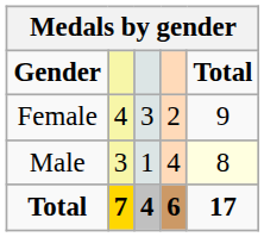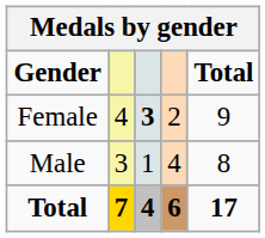 <table class="wikitable" style="font-size:85%; float:right">
 <tr style="background:#efefef;">
 <th colspan=5>Medals by gender</th>
 </tr>
 <tr align=center>
 <td><strong>Gender</strong></td>
 <td style="background:#f7f6a8;"></td>
 <td style="background:#dce5e5;"></td>
 <td style="background:#ffdab9;"></td>
 <td><strong>Total</strong></td>
 </tr>
 <tr align=center>
 <td>Female</td>
 <td style="background:#F7F6A8;">4</td>
-<td style="background:#DCE5E5;">3</td>
+<td style="background:#DCE5E5;"><strong>3</strong></td>
 <td style="background:#FFDAB9;">2</td>
 <td>9</td>
 </tr>
 <tr align=center>
 <td>Male</td>
 <td style="background:#F7F6A8;">3</td>
 <td style="background:#DCE5E5;">1</td>
 <td style="background:#FFDAB9;">4</td>
-<td style="background: lightyellow;">8</td>
+<td>8</td>
 </tr>
 <tr align=center>
 <td><strong>Total</strong></td>
 <td style="background:gold;"><strong>7</strong></td>
 <td style="background:silver;"><strong>4</strong></td>
 <td style="background:#c96;"><strong>6</strong></td>
 <td><strong>17</strong></td>
 </tr>
 </table>
